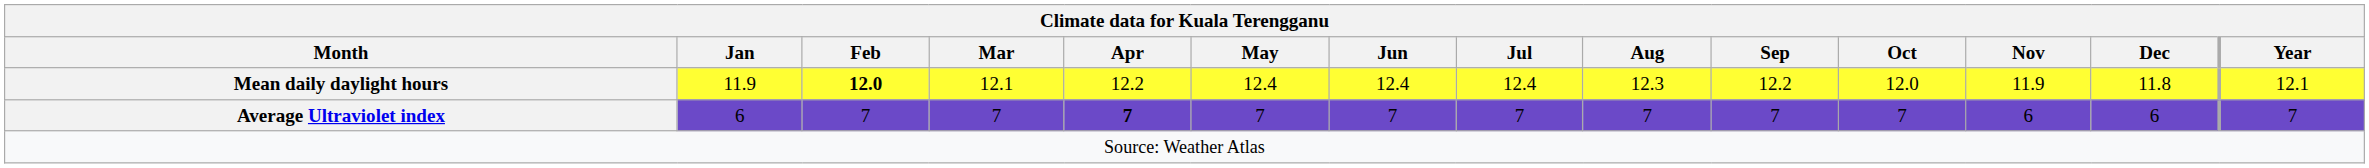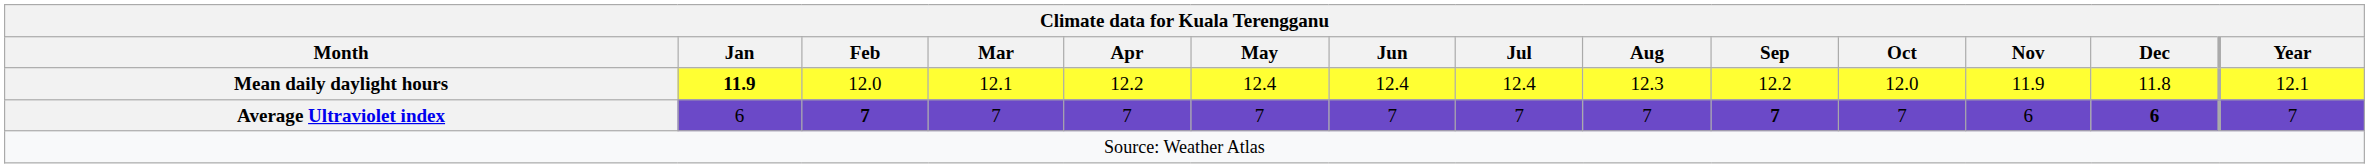 <table style="width:100%;text-align:center;line-height:1.2em;margin-left:auto;margin-right:auto" class="wikitable mw-collapsible">
 <tr>
 <th Colspan=14>Climate data for Kuala Terengganu</th>
 </tr>
 <tr>
 <th>Month</th>
 <th>Jan</th>
 <th>Feb</th>
 <th>Mar</th>
 <th>Apr</th>
 <th>May</th>
 <th>Jun</th>
 <th>Jul</th>
 <th>Aug</th>
 <th>Sep</th>
 <th>Oct</th>
 <th>Nov</th>
 <th>Dec</th>
 <th style="border-left-width:medium">Year</th>
 </tr>
 <tr>
 <th>Mean daily daylight hours</th>
-<td style="background:#FFFF33;color:#000000;">11.9</td>
-<td style="background:#FFFF33;color:#000000;"><strong>12.0</strong></td>
+<td style="background:#FFFF33;color:#000000;"><strong>11.9</strong></td>
+<td style="background:#FFFF33;color:#000000;">12.0</td>
 <td style="background:#FFFF33;color:#000000;">12.1</td>
 <td style="background:#FFFF33;color:#000000;">12.2</td>
 <td style="background:#FFFF33;color:#000000;">12.4</td>
 <td style="background:#FFFF33;color:#000000;">12.4</td>
 <td style="background:#FFFF33;color:#000000;">12.4</td>
 <td style="background:#FFFF33;color:#000000;">12.3</td>
 <td style="background:#FFFF33;color:#000000;">12.2</td>
 <td style="background:#FFFF33;color:#000000;">12.0</td>
 <td style="background:#FFFF33;color:#000000;">11.9</td>
 <td style="background:#FFFF33;color:#000000;">11.8</td>
 <td style="background:#FFFF33;color:#000000;border-left-width:medium">12.1</td>
 </tr>
 <tr>
 <th>Average <a href='#'>Ultraviolet index</a></th>
 <td style="background:#6b49c8;color:#000000;">6</td>
-<td style="background:#6b49c8;color:#000000;">7</td>
-<td style="background:#6b49c8;color:#000000;">7</td>
 <td style="background:#6b49c8;color:#000000;"><strong>7</strong></td>
 <td style="background:#6b49c8;color:#000000;">7</td>
 <td style="background:#6b49c8;color:#000000;">7</td>
 <td style="background:#6b49c8;color:#000000;">7</td>
 <td style="background:#6b49c8;color:#000000;">7</td>
 <td style="background:#6b49c8;color:#000000;">7</td>
 <td style="background:#6b49c8;color:#000000;">7</td>
+<td style="background:#6b49c8;color:#000000;"><strong>7</strong></td>
+<td style="background:#6b49c8;color:#000000;">7</td>
 <td style="background:#6b49c8;color:#000000;">6</td>
-<td style="background:#6b49c8;color:#000000;">6</td>
+<td style="background:#6b49c8;color:#000000;"><strong>6</strong></td>
 <td style="background:#6b49c8;color:#000000;border-left-width:medium">7</td>
 </tr>
 <tr>
 <th Colspan=14 style="background:#f8f9fa;font-weight:normal;font-size:95%;">Source: Weather Atlas</th>
 </tr>
 </table>
